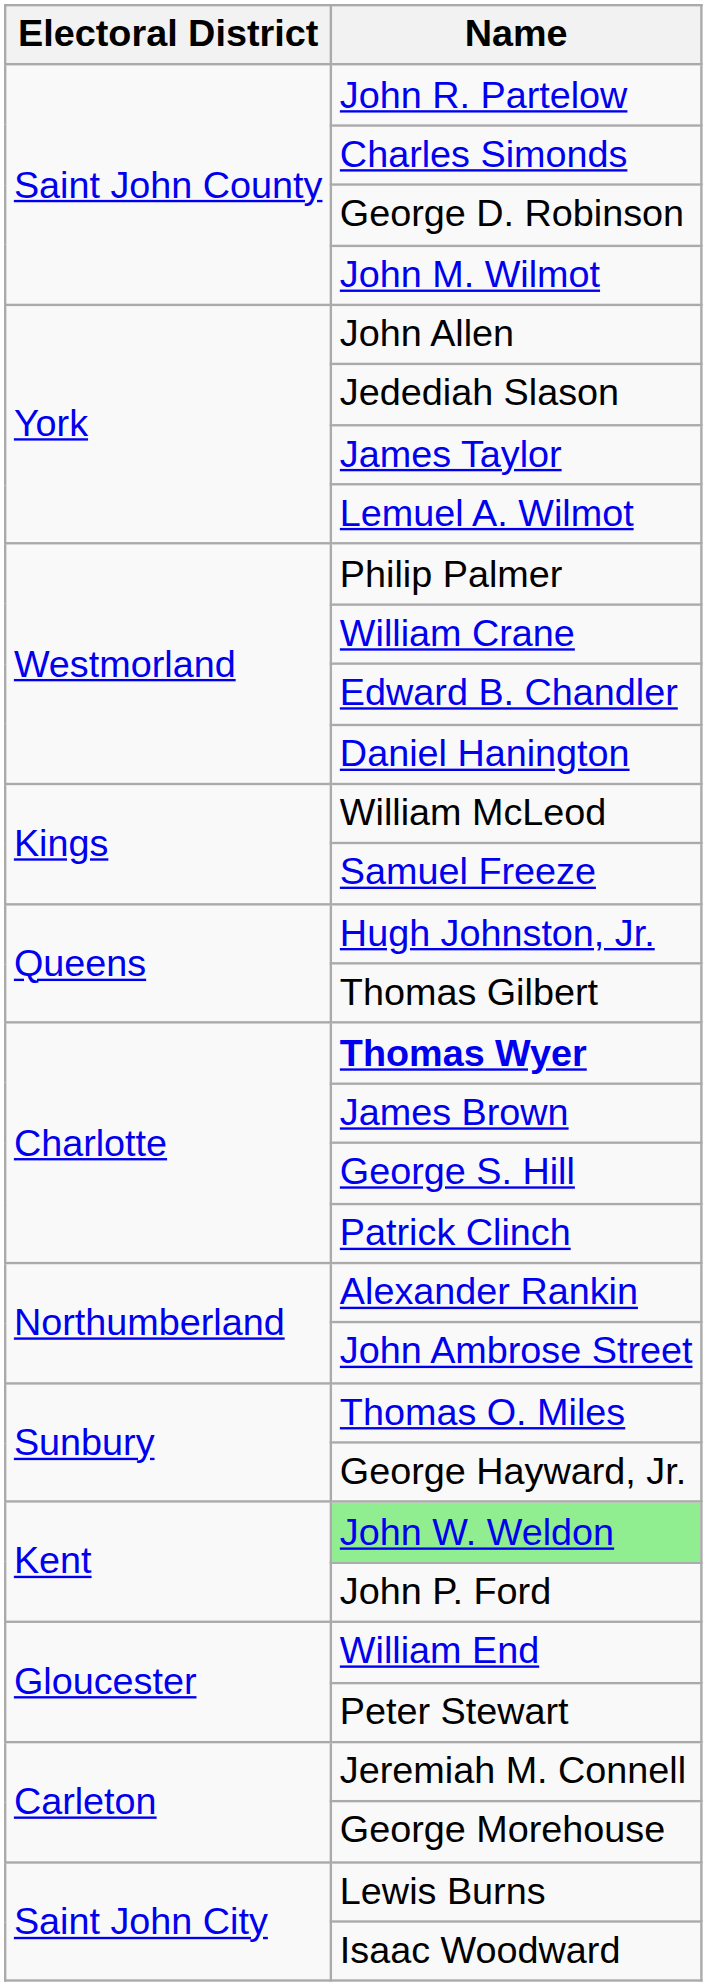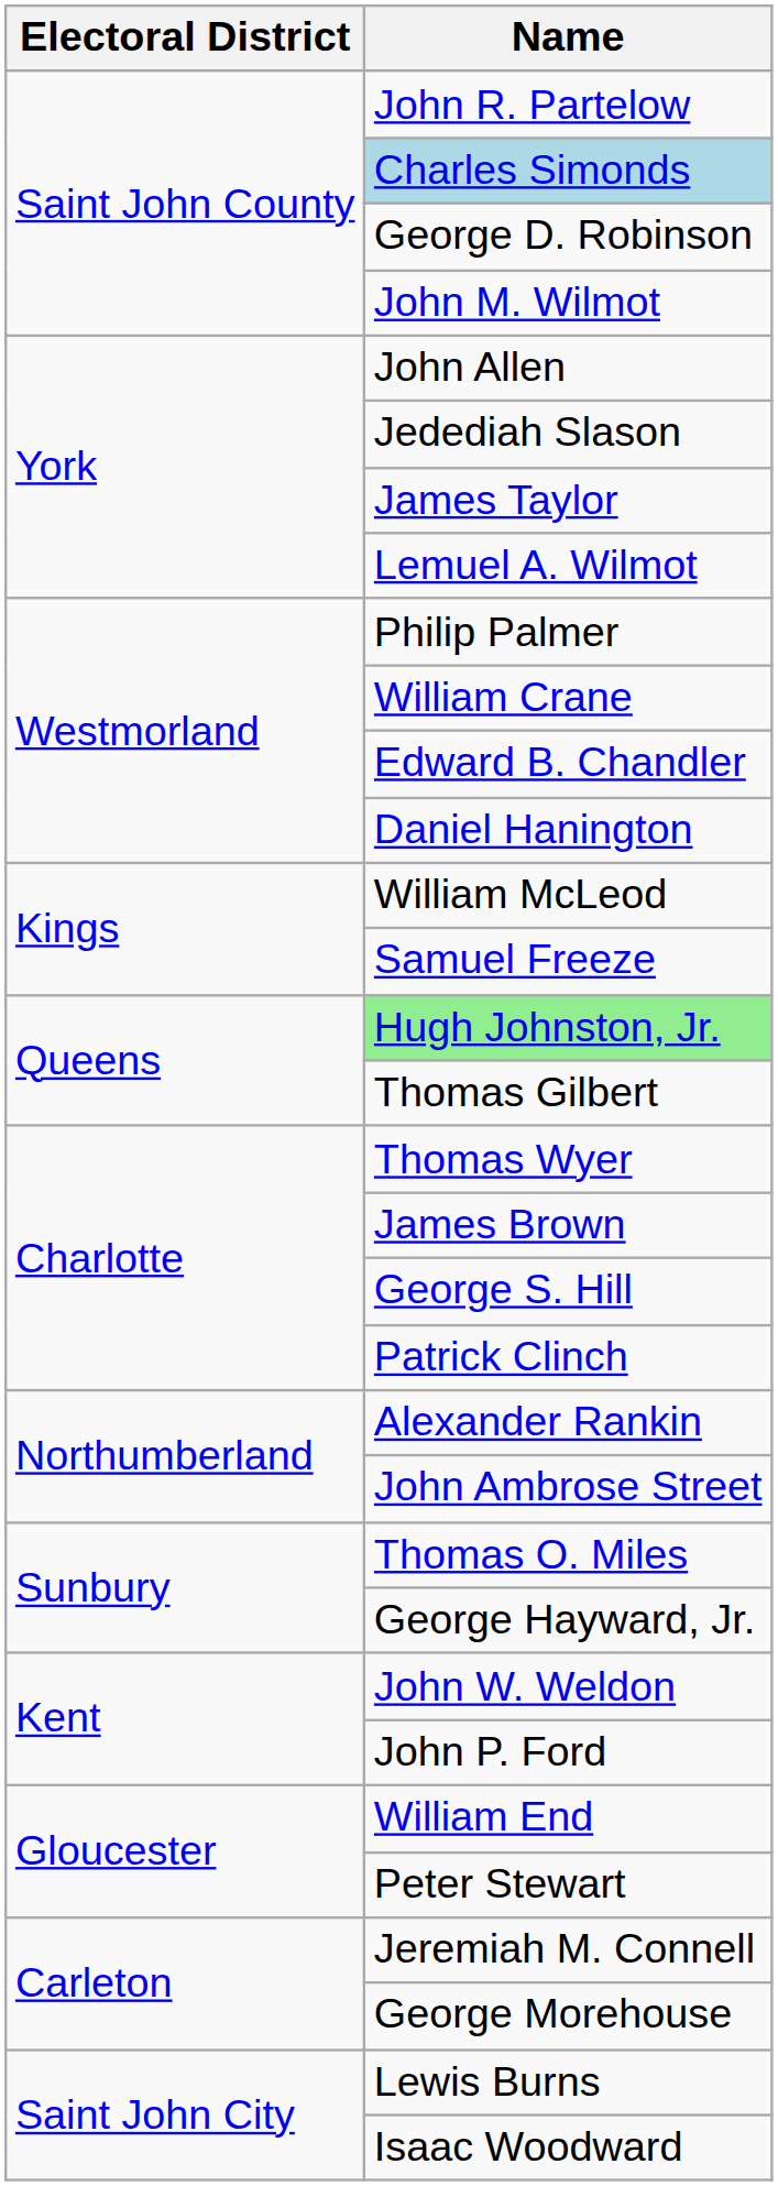 <table class="wikitable">
 <tr>
 <th>Electoral District</th>
 <th>Name</th>
 </tr>
 <tr>
 <td rowspan="4"><a href='#'>Saint John County</a></td>
 <td><a href='#'>John R. Partelow</a></td>
 </tr>
 <tr>
-<td><a href='#'>Charles Simonds</a></td>
+<td style="background: lightblue;"><a href='#'>Charles Simonds</a></td>
 </tr>
 <tr>
 <td>George D. Robinson</td>
 </tr>
 <tr>
 <td><a href='#'>John M. Wilmot</a></td>
 </tr>
 <tr>
 <td rowspan="4"><a href='#'>York</a></td>
 <td>John Allen</td>
 </tr>
 <tr>
 <td>Jedediah Slason</td>
 </tr>
 <tr>
 <td><a href='#'>James Taylor</a></td>
 </tr>
 <tr>
 <td><a href='#'>Lemuel A. Wilmot</a></td>
 </tr>
 <tr>
 <td rowspan="4"><a href='#'>Westmorland</a></td>
 <td>Philip Palmer</td>
 </tr>
 <tr>
 <td><a href='#'>William Crane</a></td>
 </tr>
 <tr>
 <td><a href='#'>Edward B. Chandler</a></td>
 </tr>
 <tr>
 <td><a href='#'>Daniel Hanington</a></td>
 </tr>
 <tr>
 <td rowspan="2"><a href='#'>Kings</a></td>
 <td>William McLeod</td>
 </tr>
 <tr>
 <td><a href='#'>Samuel Freeze</a></td>
 </tr>
 <tr>
 <td rowspan="2"><a href='#'>Queens</a></td>
-<td><a href='#'>Hugh Johnston, Jr.</a></td>
+<td style="background: lightgreen;"><a href='#'>Hugh Johnston, Jr.</a></td>
 </tr>
 <tr>
 <td>Thomas Gilbert</td>
 </tr>
 <tr>
 <td rowspan="4"><a href='#'>Charlotte</a></td>
-<td><strong><a href='#'>Thomas Wyer</a></strong></td>
+<td><a href='#'>Thomas Wyer</a></td>
 </tr>
 <tr>
 <td><a href='#'>James Brown</a></td>
 </tr>
 <tr>
 <td><a href='#'>George S. Hill</a></td>
 </tr>
 <tr>
 <td><a href='#'>Patrick Clinch</a></td>
 </tr>
 <tr>
 <td rowspan="2"><a href='#'>Northumberland</a></td>
 <td><a href='#'>Alexander Rankin</a></td>
 </tr>
 <tr>
 <td><a href='#'>John Ambrose Street</a></td>
 </tr>
 <tr>
 <td rowspan="2"><a href='#'>Sunbury</a></td>
 <td><a href='#'>Thomas O. Miles</a></td>
 </tr>
 <tr>
 <td>George Hayward, Jr.</td>
 </tr>
 <tr>
 <td rowspan="2"><a href='#'>Kent</a></td>
-<td style="background: lightgreen;"><a href='#'>John W. Weldon</a></td>
+<td><a href='#'>John W. Weldon</a></td>
 </tr>
 <tr>
 <td>John P. Ford</td>
 </tr>
 <tr>
 <td rowspan="2"><a href='#'>Gloucester</a></td>
 <td><a href='#'>William End</a></td>
 </tr>
 <tr>
 <td>Peter Stewart</td>
 </tr>
 <tr>
 <td rowspan="2"><a href='#'>Carleton</a></td>
 <td>Jeremiah M. Connell</td>
 </tr>
 <tr>
 <td>George Morehouse</td>
 </tr>
 <tr>
 <td rowspan="2"><a href='#'>Saint John City</a></td>
 <td>Lewis Burns</td>
 </tr>
 <tr>
 <td>Isaac Woodward</td>
 </tr>
 </table>
